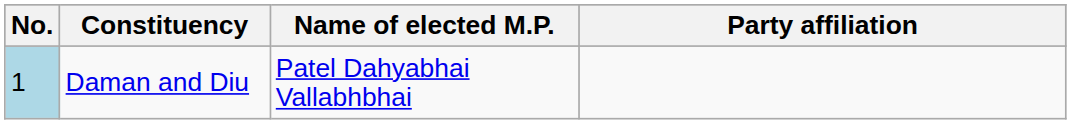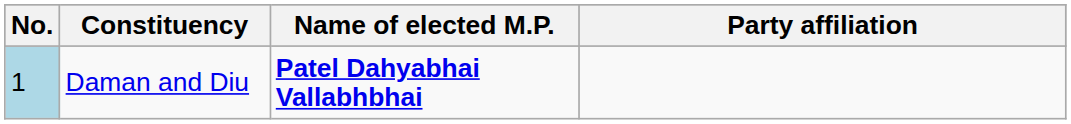 <table class="wikitable">
 <tr style="background:#ccc; text-align:center;">
 <th>No.</th>
 <th style="width:120px">Constituency</th>
 <th style="width:180px">Name of elected M.P.</th>
 <th colspan="2" style="width:18em">Party affiliation</th>
 </tr>
 <tr>
 <td style="background: lightblue;">1</td>
 <td><a href='#'>Daman and Diu</a></td>
-<td><a href='#'>Patel Dahyabhai Vallabhbhai</a></td>
+<td><strong><a href='#'>Patel Dahyabhai Vallabhbhai</a></strong></td>
 <td></td>
 </tr>
 </table>
